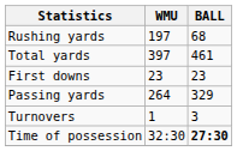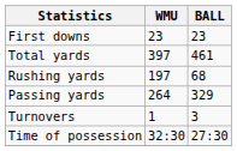 <table class="wikitable" style="float: left;">
 <tr>
 <th>Statistics</th>
 <th>WMU</th>
 <th>BALL</th>
 </tr>
 <tr>
-<td>Rushing yards</td>
-<td>197</td>
-<td>68</td>
+<td>First downs</td>
+<td>23</td>
+<td>23</td>
 </tr>
 <tr>
 <td>Total yards</td>
 <td>397</td>
 <td>461</td>
 </tr>
 <tr>
-<td>First downs</td>
-<td>23</td>
-<td>23</td>
+<td>Rushing yards</td>
+<td>197</td>
+<td>68</td>
 </tr>
 <tr>
 <td>Passing yards</td>
 <td>264</td>
 <td>329</td>
 </tr>
 <tr>
 <td>Turnovers</td>
 <td>1</td>
 <td>3</td>
 </tr>
 <tr>
 <td>Time of possession</td>
 <td>32:30</td>
-<td><strong>27:30</strong></td>
+<td>27:30</td>
 </tr>
 <tr>
 </tr>
 </table>
